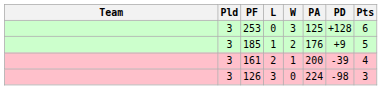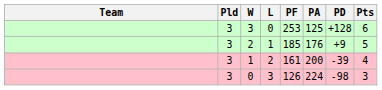 <table class="wikitable" style="text-align:center;">
 <tr>
 <th width=275>Team</th>
 <th width=20  abbr="Played">Pld</th>
+<th width=20  abbr="Won">W</th>
+<th width=20  abbr="Lost">L</th>
 <th width=20  abbr="Points">PF</th>
-<th width=20  abbr="Lost">L</th>
-<th width=20  abbr="Won">W</th>
 <th width=20  abbr="Points Against">PA</th>
 <th width=25  abbr="Points Difference">PD</th>
 <th width=20  abbr="Points">Pts</th>
 </tr>
 <tr bgcolor="ccffcc">
 <td style="text-align:left"></td>
 <td>3</td>
+<td>3</td>
+<td>0</td>
 <td>253</td>
-<td>0</td>
-<td>3</td>
 <td>125</td>
 <td>+128</td>
 <td>6</td>
 </tr>
 <tr bgcolor="ccffcc">
 <td style="text-align:left"></td>
 <td>3</td>
+<td>2</td>
+<td>1</td>
 <td>185</td>
-<td>1</td>
-<td>2</td>
 <td>176</td>
 <td>+9</td>
 <td>5</td>
 </tr>
 <tr bgcolor="pink">
 <td style="text-align:left"></td>
 <td>3</td>
+<td>1</td>
+<td>2</td>
 <td>161</td>
-<td>2</td>
-<td>1</td>
 <td>200</td>
 <td>-39</td>
 <td>4</td>
 </tr>
 <tr bgcolor="pink">
 <td style="text-align:left"></td>
 <td>3</td>
+<td>0</td>
+<td>3</td>
 <td>126</td>
-<td>3</td>
-<td>0</td>
 <td>224</td>
 <td>-98</td>
 <td>3</td>
 </tr>
 </table>
